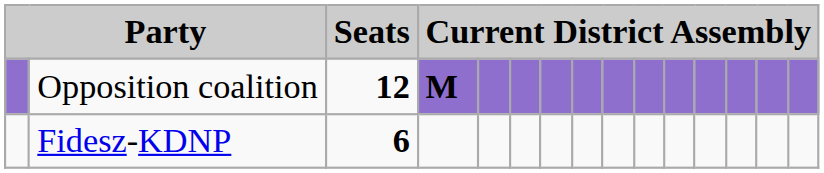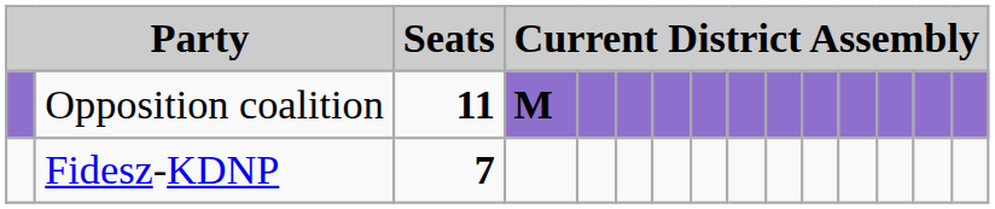 <table class="wikitable">
 <tr>
 <th style="background:#ccc" colspan="2">Party</th>
 <th style="background:#ccc">Seats</th>
 <th style="background:#ccc" colspan="12">Current District Assembly</th>
 </tr>
 <tr>
 <td style="background-color: #8E6FCE"> </td>
 <td>Opposition coalition</td>
-<td style="text-align: right"><strong>12</strong></td>
+<td style="text-align: right"><strong>11</strong></td>
 <td style="background-color: #8E6FCE"><span><strong>M</strong></span></td>
 <td style="background-color: #8E6FCE"> </td>
 <td style="background-color: #8E6FCE"> </td>
 <td style="background-color: #8E6FCE"> </td>
 <td style="background-color: #8E6FCE"> </td>
 <td style="background-color: #8E6FCE"> </td>
 <td style="background-color: #8E6FCE"> </td>
 <td style="background-color: #8E6FCE"> </td>
 <td style="background-color: #8E6FCE"> </td>
 <td style="background-color: #8E6FCE"> </td>
 <td style="background-color: #8E6FCE"> </td>
 <td style="background-color: #8E6FCE"> </td>
 </tr>
 <tr>
 <td style="background-color: "> </td>
 <td><a href='#'>Fidesz</a>-<a href='#'>KDNP</a></td>
-<td style="text-align: right"><strong>6</strong></td>
+<td style="text-align: right"><strong>7</strong></td>
 <td style="background-color: "> </td>
 <td style="background-color: "> </td>
 <td style="background-color: "> </td>
 <td style="background-color: "> </td>
 <td style="background-color: "> </td>
 <td style="background-color: "> </td>
 <td> </td>
 <td> </td>
 <td> </td>
 <td> </td>
 <td> </td>
 <td> </td>
 </tr>
 </table>
